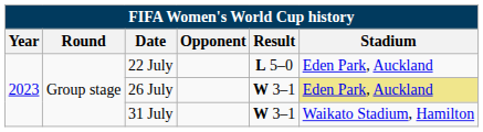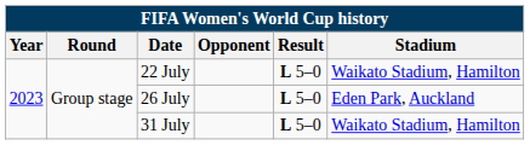 <table class="wikitable mw-collapsible" style="text-align: center;font-size:100%;">
 <tr>
 <th colspan=6 style="background: #013A5E; color: #FFFFFF;">FIFA Women's World Cup history</th>
 </tr>
 <tr>
 <th>Year</th>
 <th>Round</th>
 <th>Date</th>
 <th>Opponent</th>
 <th>Result</th>
 <th>Stadium</th>
 </tr>
 <tr>
 <td rowspan=3>  <a href='#'>2023</a></td>
 <td rowspan=3>Group stage</td>
 <td align="left">22 July</td>
 <td align="left"></td>
 <td><strong>L</strong> 5–0</td>
-<td align="left"><a href='#'>Eden Park</a>, <a href='#'>Auckland</a></td>
+<td align="left"><a href='#'>Waikato Stadium</a>, <a href='#'>Hamilton</a></td>
 </tr>
 <tr>
 <td align="left">26 July</td>
 <td align="left"></td>
-<td><strong>W</strong> 3–1</td>
-<td align="left" style="background: khaki;"><a href='#'>Eden Park</a>, <a href='#'>Auckland</a></td>
+<td><strong>L</strong> 5–0</td>
+<td align="left"><a href='#'>Eden Park</a>, <a href='#'>Auckland</a></td>
 </tr>
 <tr>
 <td align="left">31 July</td>
 <td align="left"></td>
-<td><strong>W</strong> 3–1</td>
+<td><strong>L</strong> 5–0</td>
 <td align="left"><a href='#'>Waikato Stadium</a>, <a href='#'>Hamilton</a></td>
 </tr>
 </table>
